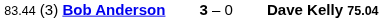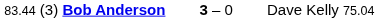 <table style="text-align:center">
 <tr>
 <th width=223></th>
 <th width=100></th>
 <th width=223></th>
 </tr>
 <tr>
 <td align=right><small>83.44</small> (3) <strong><a href='#'>Bob Anderson</a></strong> </td>
 <td><strong>3</strong> – 0</td>
-<td align=left><strong> Dave Kelly <small>75.04</small></strong></td>
+<td align=left> Dave Kelly <small>75.04</small></td>
 </tr>
 </table>
